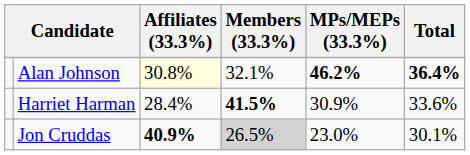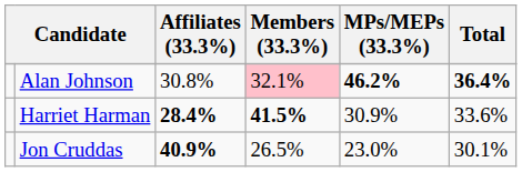 <table class="wikitable" style="font-size:95%">
 <tr>
 <th scope="col"; colspan=2>Candidate</th>
 <th scope="col">Affiliates <br> (33.3%)</th>
 <th scope="col">Members <br> (33.3%)</th>
 <th scope="col">MPs/MEPs <br> (33.3%)</th>
 <th scope="col">Total</th>
 </tr>
 <tr>
 </tr>
 <tr>
 <td style="background-color: "></td>
 <td scope=“row”><a href='#'>Alan Johnson</a></td>
-<td style="background: lightyellow;">30.8%</td>
-<td>32.1%</td>
+<td>30.8%</td>
+<td style="background: pink;">32.1%</td>
 <td><strong>46.2%</strong></td>
 <td><strong>36.4%</strong></td>
 </tr>
 <tr>
 <td style="background-color: "></td>
 <td scope=“row”><a href='#'>Harriet Harman</a></td>
-<td>28.4%</td>
+<td><strong>28.4%</strong></td>
 <td><strong>41.5%</strong></td>
 <td>30.9%</td>
 <td>33.6%</td>
 </tr>
 <tr>
 <td style="background-color: "></td>
 <td scope=“row”><a href='#'>Jon Cruddas</a> </td>
 <td><strong>40.9%</strong></td>
-<td style="background: lightgrey;">26.5%</td>
+<td>26.5%</td>
 <td>23.0%</td>
 <td>30.1%</td>
 </tr>
 </table>
